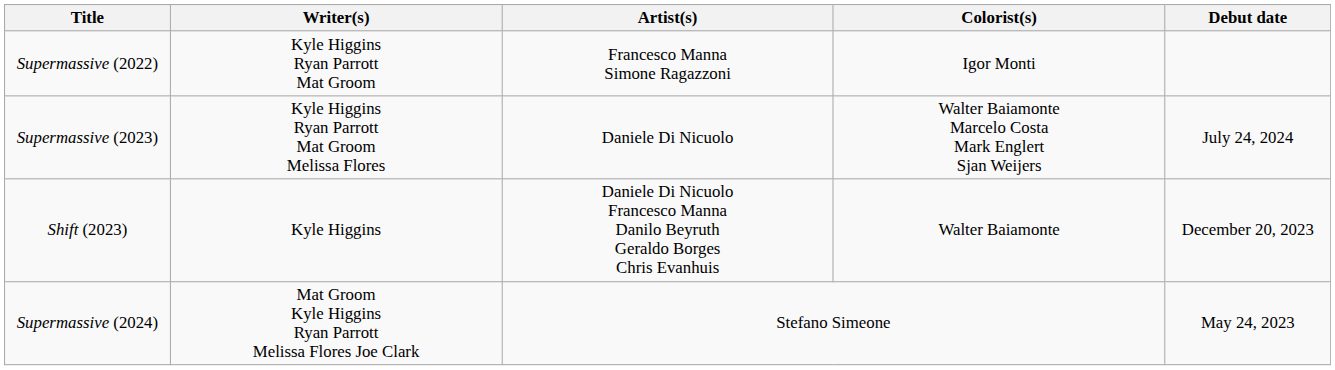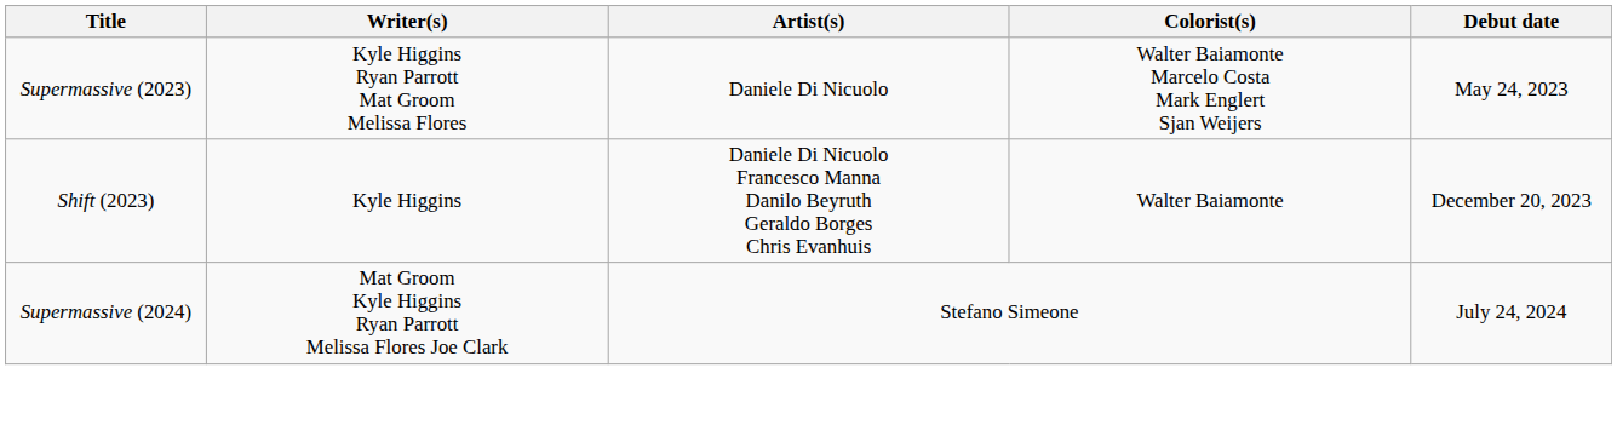 <table class="wikitable" style="text-align:center; width:100%">
 <tr>
 <th scope="col" width="10%">Title</th>
 <th scope="col" width="20%">Writer(s)</th>
 <th scope="col" width="20%">Artist(s)</th>
 <th scope="col" width="20%">Colorist(s)</th>
 <th scope="col" width="10%">Debut date</th>
 </tr>
 <tr>
-<td><em>Supermassive</em> (2022)</td>
-<td>Kyle Higgins<br>Ryan Parrott<br>Mat Groom</td>
-<td>Francesco Manna<br>Simone Ragazzoni</td>
-<td>Igor Monti</td>
-<td></td>
-</tr>
-<tr>
 <td><em>Supermassive</em> (2023)</td>
 <td>Kyle Higgins<br>Ryan Parrott<br>Mat Groom<br>Melissa Flores</td>
 <td>Daniele Di Nicuolo</td>
 <td>Walter Baiamonte<br>Marcelo Costa<br>Mark Englert<br>Sjan Weijers</td>
-<td>July 24, 2024</td>
+<td>May 24, 2023</td>
 </tr>
 <tr>
 <td><em>Shift</em> (2023)</td>
 <td>Kyle Higgins</td>
 <td>Daniele Di Nicuolo<br>Francesco Manna<br>Danilo Beyruth<br>Geraldo Borges<br>Chris Evanhuis</td>
 <td>Walter Baiamonte</td>
 <td>December 20, 2023</td>
 </tr>
 <tr>
 <td><em>Supermassive</em> (2024)</td>
 <td>Mat Groom<br>Kyle Higgins<br>Ryan Parrott<br>Melissa Flores Joe Clark</td>
 <td colspan="2">Stefano Simeone</td>
-<td>May 24, 2023</td>
+<td>July 24, 2024</td>
 </tr>
 </table>
